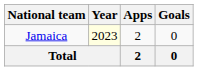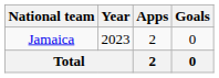 <table class="wikitable" style="text-align:center">
 <tr>
 <th>National team</th>
 <th>Year</th>
 <th>Apps</th>
 <th>Goals</th>
 </tr>
 <tr>
 <td><a href='#'>Jamaica</a></td>
-<td style="background: lightyellow;">2023</td>
+<td>2023</td>
 <td>2</td>
 <td>0</td>
 </tr>
 <tr>
 <th colspan="2">Total</th>
 <th>2</th>
 <th>0</th>
 </tr>
 </table>
